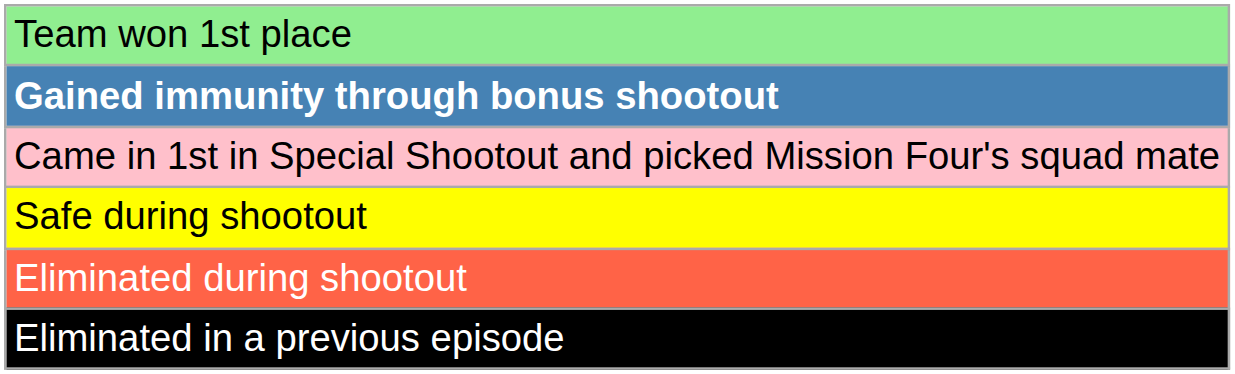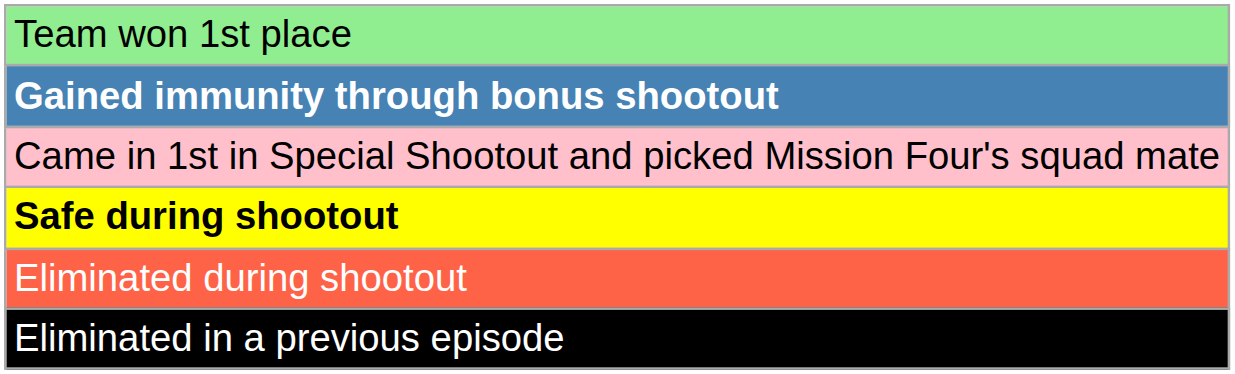 <table class="wikitable">
 <tr>
 <td style="background: lightgreen; color: black">Team won 1st place</td>
 </tr>
 <tr>
 <td style="background: steelblue; color: white"><strong>Gained immunity through bonus shootout</strong></td>
 </tr>
 <tr>
 <td style="background: Pink; color: Black">Came in 1st in Special Shootout and picked Mission Four's squad mate</td>
 </tr>
 <tr>
-<td style="background: Yellow; color: Black">Safe during shootout</td>
+<td style="background: Yellow; color: Black"><strong>Safe during shootout</strong></td>
 </tr>
 <tr>
 <td style="background: tomato; color: white">Eliminated during shootout</td>
 </tr>
 <tr>
 <td style="background: Black; color: white">Eliminated in a previous episode</td>
 </tr>
 </table>
